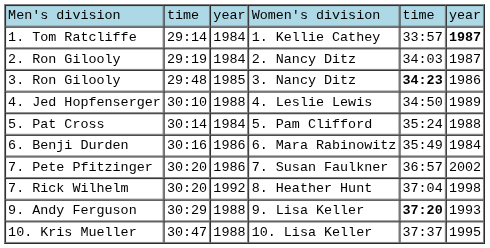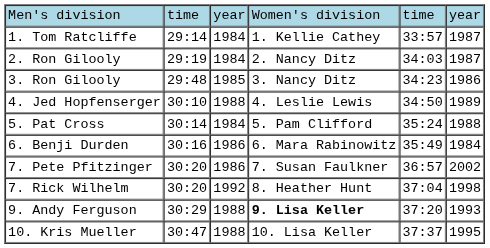 <table border=1 cellpadding=2 cellspacing=0>
 <tr style="background: lightblue;">
 <td>Men's division</td>
 <td>time</td>
 <td>year</td>
 <td>Women's division</td>
 <td>time</td>
 <td>year</td>
 </tr>
 <tr>
 <td>1. Tom Ratcliffe</td>
 <td>29:14</td>
 <td>1984</td>
 <td>1. Kellie Cathey</td>
 <td>33:57</td>
-<td><strong>1987</strong></td>
+<td>1987</td>
 </tr>
 <tr>
 <td>2. Ron Gilooly</td>
 <td>29:19</td>
 <td>1984</td>
 <td>2. Nancy Ditz</td>
 <td>34:03</td>
 <td>1987</td>
 </tr>
 <tr>
 <td>3. Ron Gilooly</td>
 <td>29:48</td>
 <td>1985</td>
 <td>3. Nancy Ditz</td>
-<td><strong>34:23</strong></td>
+<td>34:23</td>
 <td>1986</td>
 </tr>
 <tr>
 <td>4. Jed Hopfenserger</td>
 <td>30:10</td>
 <td>1988</td>
 <td>4. Leslie Lewis</td>
 <td>34:50</td>
 <td>1989</td>
 </tr>
 <tr>
 <td>5. Pat Cross</td>
 <td>30:14</td>
 <td>1984</td>
 <td>5. Pam Clifford</td>
 <td>35:24</td>
 <td>1988</td>
 </tr>
 <tr>
 <td>6. Benji Durden</td>
 <td>30:16</td>
 <td>1986</td>
 <td>6. Mara Rabinowitz</td>
 <td>35:49</td>
 <td>1984</td>
 </tr>
 <tr>
 <td>7. Pete Pfitzinger</td>
 <td>30:20</td>
 <td>1986</td>
 <td>7. Susan Faulkner</td>
 <td>36:57</td>
 <td>2002</td>
 </tr>
 <tr>
 <td>7. Rick Wilhelm</td>
 <td>30:20</td>
 <td>1992</td>
 <td>8. Heather Hunt</td>
 <td>37:04</td>
 <td>1998</td>
 </tr>
 <tr>
 <td>9. Andy Ferguson</td>
 <td>30:29</td>
 <td>1988</td>
-<td>9. Lisa Keller</td>
-<td><strong>37:20</strong></td>
+<td><strong>9. Lisa Keller</strong></td>
+<td>37:20</td>
 <td>1993</td>
 </tr>
 <tr>
 <td>10. Kris Mueller</td>
 <td>30:47</td>
 <td>1988</td>
 <td>10. Lisa Keller</td>
 <td>37:37</td>
 <td>1995</td>
 </tr>
 <tr>
 </tr>
 </table>
